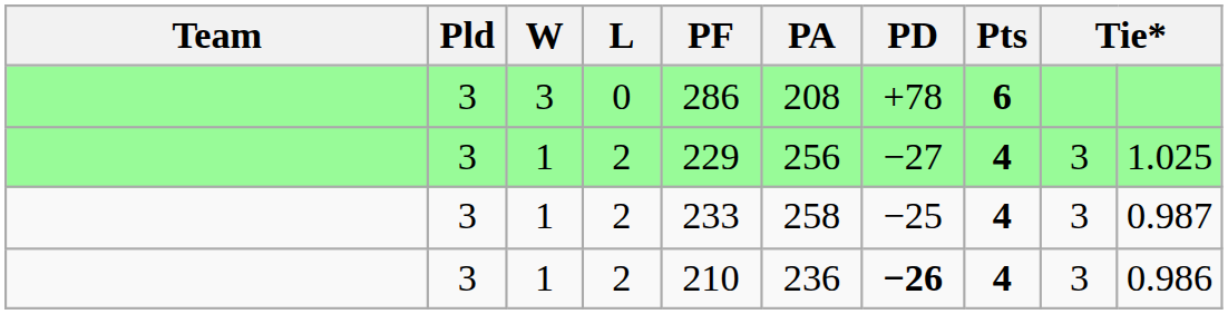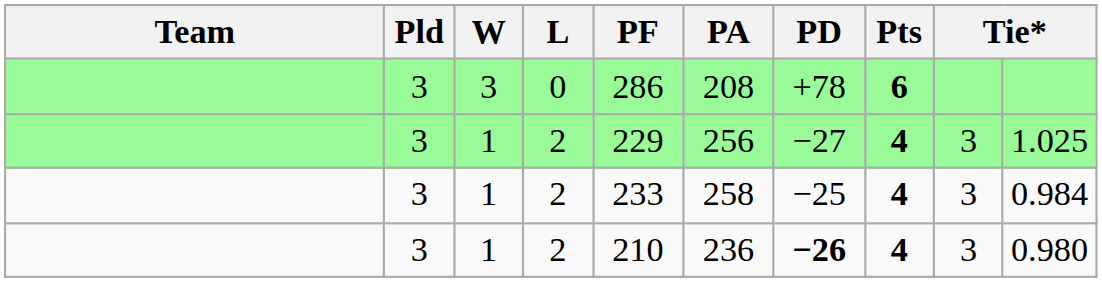 <table class="wikitable" style="text-align:center;">
 <tr>
 <th width=170>Team</th>
 <th width=25>Pld</th>
 <th width=25>W</th>
 <th width=25>L</th>
 <th width=35>PF</th>
 <th width=35>PA</th>
 <th width=35>PD</th>
 <th width=25>Pts</th>
 <th colspan=2>Tie*</th>
 </tr>
 <tr bgcolor="#98fb98">
 <td align="left"></td>
 <td>3</td>
 <td>3</td>
 <td>0</td>
 <td>286</td>
 <td>208</td>
 <td>+78</td>
 <td><strong>6</strong></td>
 <td width=25></td>
 <td width=35></td>
 </tr>
 <tr bgcolor="#98fb98">
 <td align="left"></td>
 <td>3</td>
 <td>1</td>
 <td>2</td>
 <td>229</td>
 <td>256</td>
 <td>−27</td>
 <td><strong>4</strong></td>
 <td>3</td>
 <td>1.025</td>
 </tr>
 <tr>
 <td align="left"></td>
 <td>3</td>
 <td>1</td>
 <td>2</td>
 <td>233</td>
 <td>258</td>
 <td>−25</td>
 <td><strong>4</strong></td>
 <td>3</td>
-<td>0.987</td>
+<td>0.984</td>
 </tr>
 <tr>
 <td align="left"></td>
 <td>3</td>
 <td>1</td>
 <td>2</td>
 <td>210</td>
 <td>236</td>
 <td><strong>−26</strong></td>
 <td><strong>4</strong></td>
 <td>3</td>
-<td>0.986</td>
+<td>0.980</td>
 </tr>
 </table>
